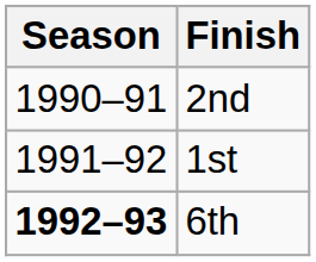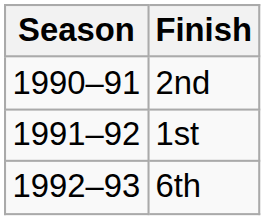 <table class="wikitable">
 <tr>
 <th>Season</th>
 <th>Finish</th>
 </tr>
 <tr>
 <td>1990–91</td>
 <td>2nd</td>
 </tr>
 <tr>
 <td>1991–92</td>
 <td>1st</td>
 </tr>
 <tr>
-<td><strong>1992–93</strong></td>
+<td>1992–93</td>
 <td>6th</td>
 </tr>
 </table>
